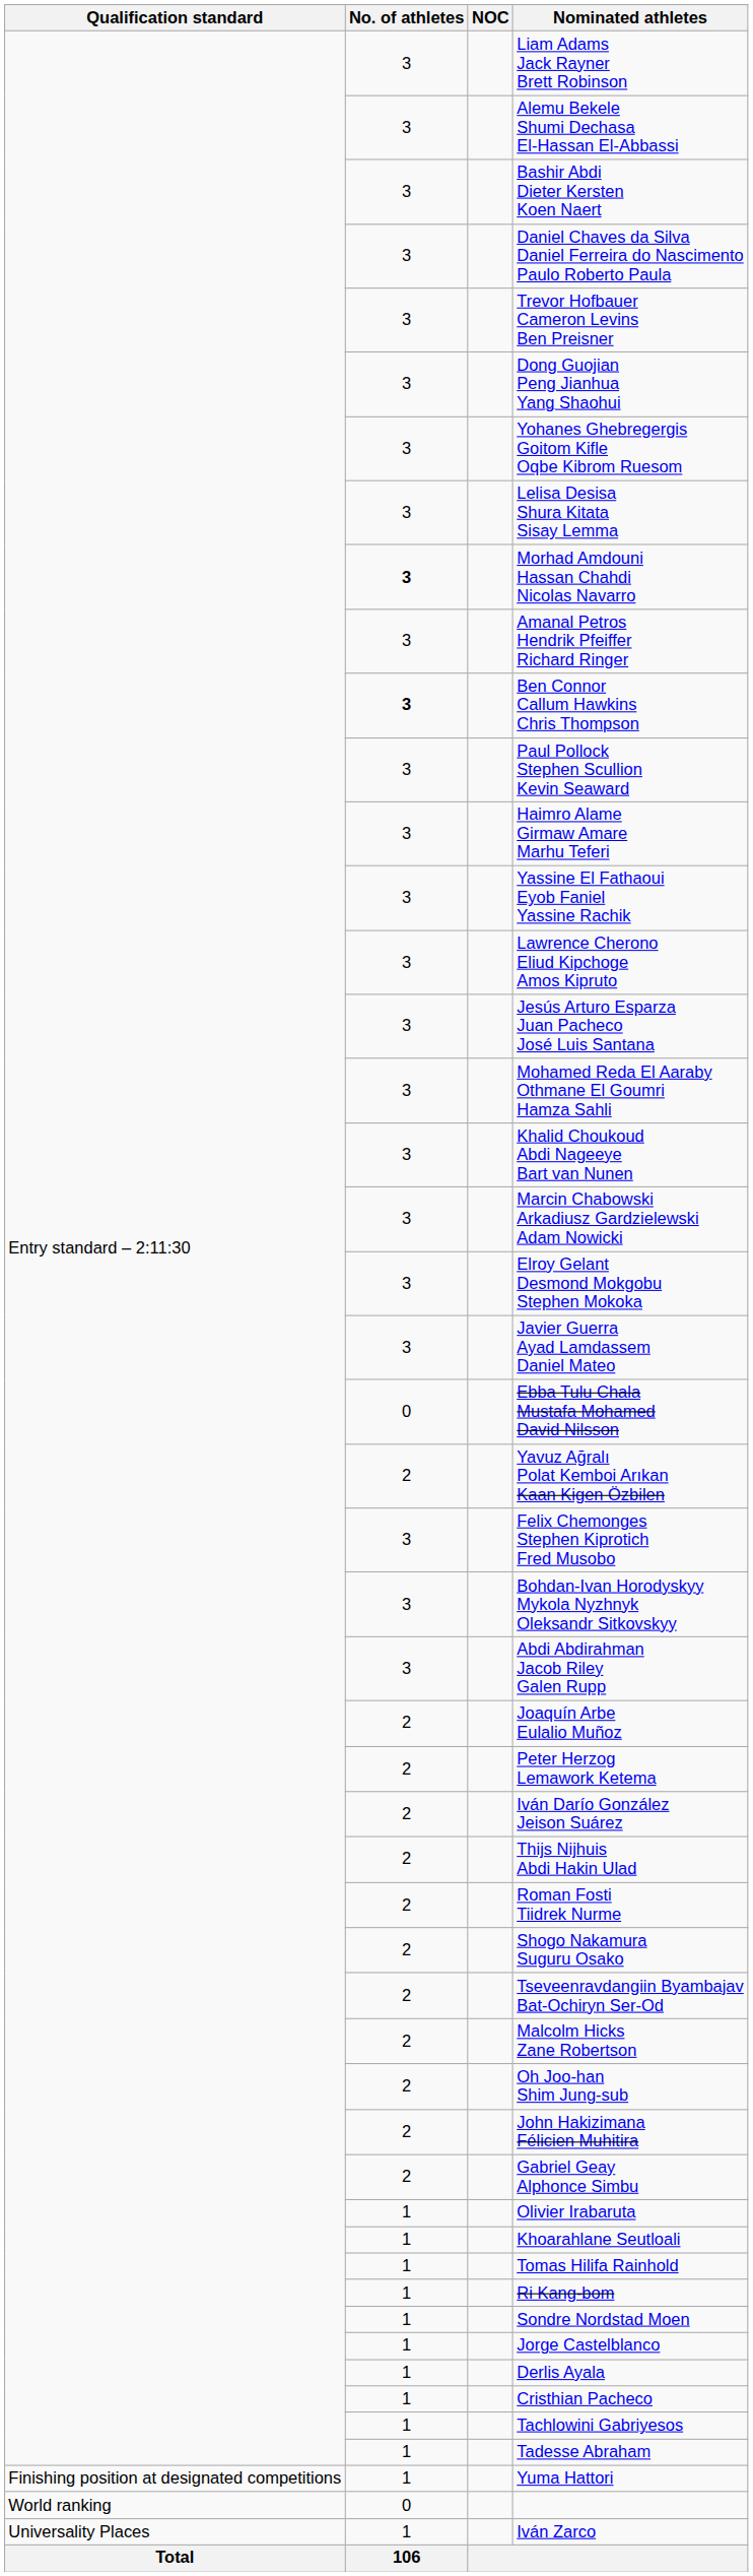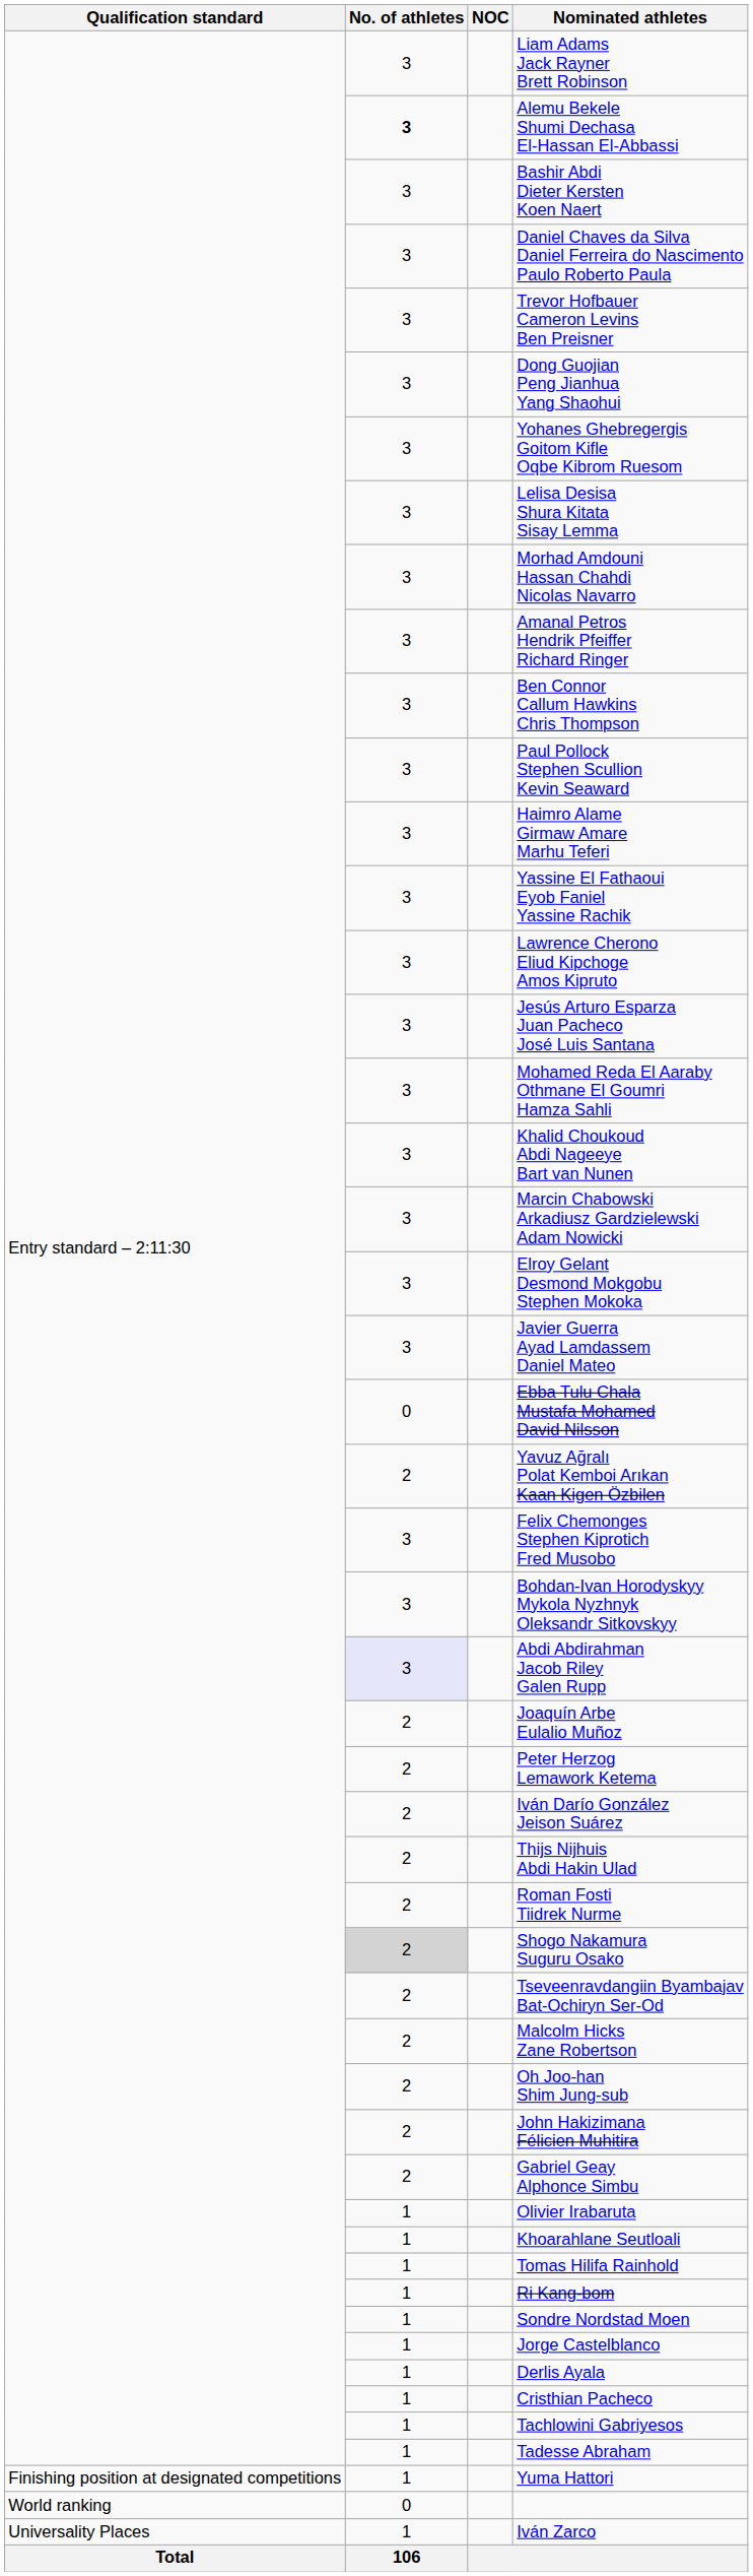 <table class="wikitable" style="text-align:left;">
 <tr>
 <th>Qualification standard</th>
 <th>No. of athletes</th>
 <th>NOC</th>
 <th>Nominated athletes</th>
 </tr>
 <tr>
 <td rowspan=47>Entry standard – 2:11:30</td>
 <td align=center>3</td>
 <td></td>
 <td><a href='#'>Liam Adams</a><br><a href='#'>Jack Rayner</a><br><a href='#'>Brett Robinson</a></td>
 </tr>
 <tr>
-<td align=center>3</td>
+<td align=center><strong>3</strong></td>
 <td></td>
 <td><a href='#'>Alemu Bekele</a><br><a href='#'>Shumi Dechasa</a><br><a href='#'>El-Hassan El-Abbassi</a></td>
 </tr>
 <tr>
 <td align=center>3</td>
 <td></td>
 <td><a href='#'>Bashir Abdi</a><br><a href='#'>Dieter Kersten</a><br><a href='#'>Koen Naert</a></td>
 </tr>
 <tr>
 <td align=center>3</td>
 <td></td>
 <td><a href='#'>Daniel Chaves da Silva</a><br><a href='#'>Daniel Ferreira do Nascimento</a><br><a href='#'>Paulo Roberto Paula</a></td>
 </tr>
 <tr>
 <td align=center>3</td>
 <td></td>
 <td><a href='#'>Trevor Hofbauer</a><br><a href='#'>Cameron Levins</a><br><a href='#'>Ben Preisner</a></td>
 </tr>
 <tr>
 <td align=center>3</td>
 <td></td>
 <td><a href='#'>Dong Guojian</a><br><a href='#'>Peng Jianhua</a><br><a href='#'>Yang Shaohui</a></td>
 </tr>
 <tr>
 <td align=center>3</td>
 <td></td>
 <td><a href='#'>Yohanes Ghebregergis</a><br><a href='#'>Goitom Kifle</a><br><a href='#'>Oqbe Kibrom Ruesom</a></td>
 </tr>
 <tr>
 <td align=center>3</td>
 <td></td>
 <td><a href='#'>Lelisa Desisa</a><br><a href='#'>Shura Kitata</a><br><a href='#'>Sisay Lemma</a></td>
 </tr>
 <tr>
-<td align=center><strong>3</strong></td>
+<td align=center>3</td>
 <td></td>
 <td><a href='#'>Morhad Amdouni</a><br><a href='#'>Hassan Chahdi</a><br><a href='#'>Nicolas Navarro</a></td>
 </tr>
 <tr>
 <td align=center>3</td>
 <td></td>
 <td><a href='#'>Amanal Petros</a><br><a href='#'>Hendrik Pfeiffer</a><br><a href='#'>Richard Ringer</a></td>
 </tr>
 <tr>
-<td align=center><strong>3</strong></td>
+<td align=center>3</td>
 <td></td>
 <td><a href='#'>Ben Connor</a><br><a href='#'>Callum Hawkins</a><br><a href='#'>Chris Thompson</a></td>
 </tr>
 <tr>
 <td align=center>3</td>
 <td></td>
 <td><a href='#'>Paul Pollock</a><br><a href='#'>Stephen Scullion</a><br><a href='#'>Kevin Seaward</a></td>
 </tr>
 <tr>
 <td align=center>3</td>
 <td></td>
 <td><a href='#'>Haimro Alame</a><br><a href='#'>Girmaw Amare</a><br><a href='#'>Marhu Teferi</a></td>
 </tr>
 <tr>
 <td align=center>3</td>
 <td></td>
 <td><a href='#'>Yassine El Fathaoui</a><br><a href='#'>Eyob Faniel</a><br><a href='#'>Yassine Rachik</a></td>
 </tr>
 <tr>
 <td align=center>3</td>
 <td></td>
 <td><a href='#'>Lawrence Cherono</a><br><a href='#'>Eliud Kipchoge</a><br><a href='#'>Amos Kipruto</a></td>
 </tr>
 <tr>
 <td align=center>3</td>
 <td></td>
 <td><a href='#'>Jesús Arturo Esparza</a><br><a href='#'>Juan Pacheco</a><br><a href='#'>José Luis Santana</a></td>
 </tr>
 <tr>
 <td align=center>3</td>
 <td></td>
 <td><a href='#'>Mohamed Reda El Aaraby</a><br><a href='#'>Othmane El Goumri</a><br><a href='#'>Hamza Sahli</a></td>
 </tr>
 <tr>
 <td align=center>3</td>
 <td></td>
 <td><a href='#'>Khalid Choukoud</a><br><a href='#'>Abdi Nageeye</a><br><a href='#'>Bart van Nunen</a></td>
 </tr>
 <tr>
 <td align=center>3</td>
 <td></td>
 <td><a href='#'>Marcin Chabowski</a><br><a href='#'>Arkadiusz Gardzielewski</a><br><a href='#'>Adam Nowicki</a></td>
 </tr>
 <tr>
 <td align=center>3</td>
 <td></td>
 <td><a href='#'>Elroy Gelant</a><br><a href='#'>Desmond Mokgobu</a><br><a href='#'>Stephen Mokoka</a></td>
 </tr>
 <tr>
 <td align=center>3</td>
 <td></td>
 <td><a href='#'>Javier Guerra</a><br><a href='#'>Ayad Lamdassem</a><br><a href='#'>Daniel Mateo</a></td>
 </tr>
 <tr>
 <td align=center>0</td>
 <td></td>
 <td><s><a href='#'>Ebba Tulu Chala</a><br><a href='#'>Mustafa Mohamed</a><br><a href='#'>David Nilsson</a></s></td>
 </tr>
 <tr>
 <td align=center>2</td>
 <td></td>
 <td><a href='#'>Yavuz Ağralı</a><br><a href='#'>Polat Kemboi Arıkan</a><br><s><a href='#'>Kaan Kigen Özbilen</a></s></td>
 </tr>
 <tr>
 <td align=center>3</td>
 <td></td>
 <td><a href='#'>Felix Chemonges</a><br><a href='#'>Stephen Kiprotich</a><br><a href='#'>Fred Musobo</a></td>
 </tr>
 <tr>
 <td align=center>3</td>
 <td></td>
 <td><a href='#'>Bohdan-Ivan Horodyskyy</a><br><a href='#'>Mykola Nyzhnyk</a><br><a href='#'>Oleksandr Sitkovskyy</a></td>
 </tr>
 <tr>
-<td align=center>3</td>
+<td align=center style="background: lavender;">3</td>
 <td></td>
 <td><a href='#'>Abdi Abdirahman</a><br><a href='#'>Jacob Riley</a><br><a href='#'>Galen Rupp</a></td>
 </tr>
 <tr>
 <td align=center>2</td>
 <td></td>
 <td><a href='#'>Joaquín Arbe</a> <br> <a href='#'>Eulalio Muñoz</a></td>
 </tr>
 <tr>
 <td align=center>2</td>
 <td></td>
 <td><a href='#'>Peter Herzog</a><br><a href='#'>Lemawork Ketema</a></td>
 </tr>
 <tr>
 <td align=center>2</td>
 <td></td>
 <td><a href='#'>Iván Darío González</a><br><a href='#'>Jeison Suárez</a></td>
 </tr>
 <tr>
 <td align=center>2</td>
 <td></td>
 <td><a href='#'>Thijs Nijhuis</a><br><a href='#'>Abdi Hakin Ulad</a></td>
 </tr>
 <tr>
 <td align=center>2</td>
 <td></td>
 <td><a href='#'>Roman Fosti</a><br><a href='#'>Tiidrek Nurme</a></td>
 </tr>
 <tr>
-<td align=center>2</td>
+<td align=center style="background: lightgrey;">2</td>
 <td></td>
 <td><a href='#'>Shogo Nakamura</a><br><a href='#'>Suguru Osako</a></td>
 </tr>
 <tr>
 <td align=center>2</td>
 <td></td>
 <td><a href='#'>Tseveenravdangiin Byambajav</a><br><a href='#'>Bat-Ochiryn Ser-Od</a></td>
 </tr>
 <tr>
 <td align=center>2</td>
 <td></td>
 <td><a href='#'>Malcolm Hicks</a><br><a href='#'>Zane Robertson</a></td>
 </tr>
 <tr>
 <td align=center>2</td>
 <td></td>
 <td><a href='#'>Oh Joo-han</a><br><a href='#'>Shim Jung-sub</a></td>
 </tr>
 <tr>
 <td align=center>2</td>
 <td></td>
 <td><a href='#'>John Hakizimana</a><br><s><a href='#'>Félicien Muhitira</a></s></td>
 </tr>
 <tr>
 <td align=center>2</td>
 <td></td>
 <td><a href='#'>Gabriel Geay</a><br><a href='#'>Alphonce Simbu</a></td>
 </tr>
 <tr>
 <td align=center>1</td>
 <td></td>
 <td><a href='#'>Olivier Irabaruta</a></td>
 </tr>
 <tr>
 <td align=center>1</td>
 <td></td>
 <td><a href='#'>Khoarahlane Seutloali</a></td>
 </tr>
 <tr>
 <td align=center>1</td>
 <td></td>
 <td><a href='#'>Tomas Hilifa Rainhold</a></td>
 </tr>
 <tr>
 <td align=center>1</td>
 <td><s></s></td>
 <td><s><a href='#'>Ri Kang-bom</a></s></td>
 </tr>
 <tr>
 <td align=center>1</td>
 <td></td>
 <td><a href='#'>Sondre Nordstad Moen</a></td>
 </tr>
 <tr>
 <td align=center>1</td>
 <td></td>
 <td><a href='#'>Jorge Castelblanco</a></td>
 </tr>
 <tr>
 <td align=center>1</td>
 <td></td>
 <td><a href='#'>Derlis Ayala</a></td>
 </tr>
 <tr>
 <td align=center>1</td>
 <td></td>
 <td><a href='#'>Cristhian Pacheco</a></td>
 </tr>
 <tr>
 <td align=center>1</td>
 <td></td>
 <td><a href='#'>Tachlowini Gabriyesos</a></td>
 </tr>
 <tr>
 <td align=center>1</td>
 <td></td>
 <td><a href='#'>Tadesse Abraham</a></td>
 </tr>
 <tr>
 <td>Finishing position at designated competitions</td>
 <td align=center>1</td>
 <td></td>
 <td><a href='#'>Yuma Hattori</a></td>
 </tr>
 <tr>
 <td>World ranking</td>
 <td align=center>0</td>
 <td></td>
 <td></td>
 </tr>
 <tr>
 <td>Universality Places</td>
 <td align=center>1</td>
 <td></td>
 <td><a href='#'>Iván Zarco</a></td>
 </tr>
 <tr>
 <th>Total</th>
 <th>106</th>
 <th colspan=2></th>
 </tr>
 </table>
